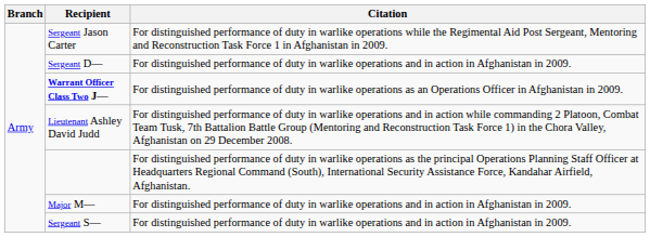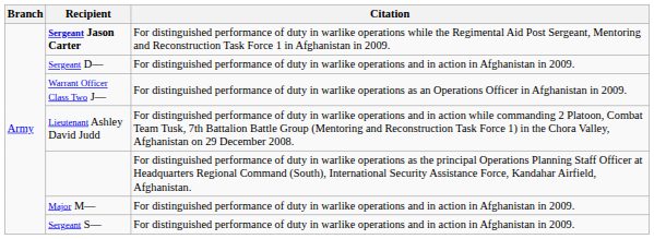 <table class="wikitable" style="font-size:95%;">
 <tr>
 <th>Branch</th>
 <th>Recipient</th>
 <th>Citation</th>
 </tr>
 <tr>
 <td rowspan="7"><a href='#'>Army</a></td>
-<td><small><a href='#'>Sergeant</a></small> Jason Carter</td>
+<td><strong><small><a href='#'>Sergeant</a></small> Jason Carter</strong></td>
 <td>For distinguished performance of duty in warlike operations while the Regimental Aid Post Sergeant, Mentoring and Reconstruction Task Force 1 in Afghanistan in 2009.</td>
 </tr>
 <tr>
 <td><small><a href='#'>Sergeant</a></small> D—</td>
 <td>For distinguished performance of duty in warlike operations and in action in Afghanistan in 2009.</td>
 </tr>
 <tr>
-<td><strong><small><a href='#'>Warrant Officer Class Two</a></small> J—</strong></td>
+<td><small><a href='#'>Warrant Officer Class Two</a></small> J—</td>
 <td>For distinguished performance of duty in warlike operations as an Operations Officer in Afghanistan in 2009.</td>
 </tr>
 <tr>
 <td><small><a href='#'>Lieutenant</a></small> Ashley David Judd</td>
 <td>For distinguished performance of duty in warlike operations and in action while commanding 2 Platoon, Combat Team Tusk, 7th Battalion Battle Group (Mentoring and Reconstruction Task Force 1) in the Chora Valley, Afghanistan on 29 December 2008.</td>
 </tr>
 <tr>
 <td></td>
 <td>For distinguished performance of duty in warlike operations as the principal Operations Planning Staff Officer at Headquarters Regional Command (South), International Security Assistance Force, Kandahar Airfield, Afghanistan.</td>
 </tr>
 <tr>
 <td><small><a href='#'>Major</a></small> M—</td>
 <td>For distinguished performance of duty in warlike operations and in action in Afghanistan in 2009.</td>
 </tr>
 <tr>
 <td><small><a href='#'>Sergeant</a></small> S—</td>
 <td>For distinguished performance of duty in warlike operations and in action in Afghanistan in 2009.</td>
 </tr>
 </table>
